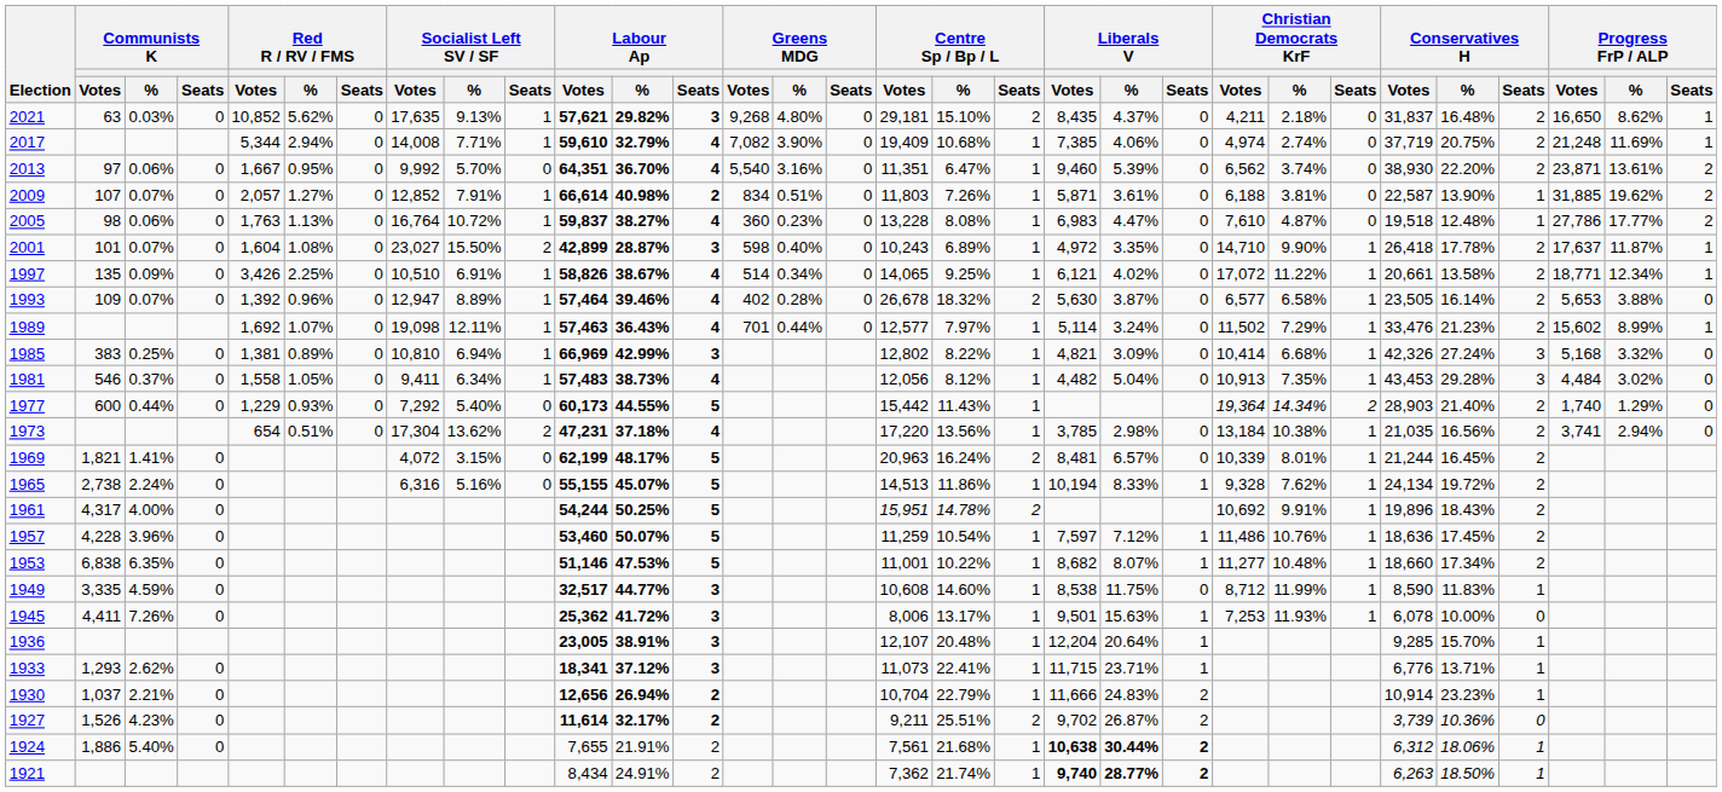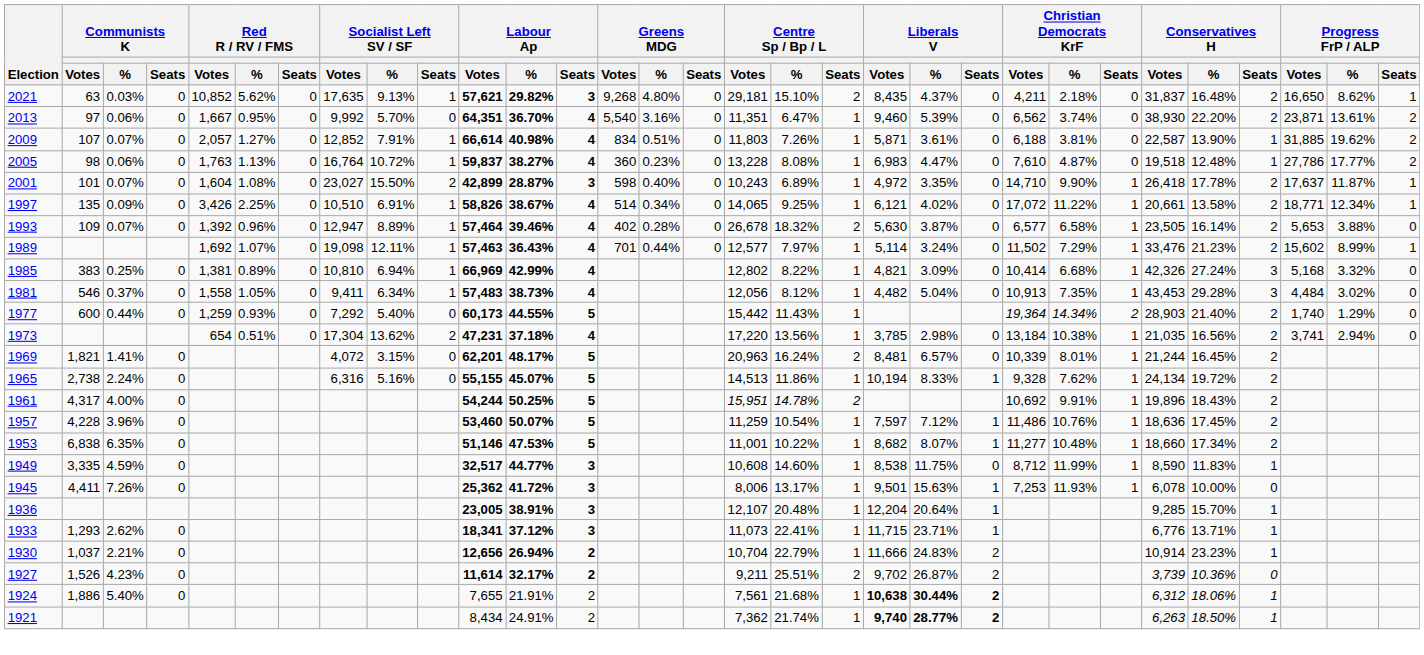 <table class="wikitable" border="1" style="font-size:80%; text-align:right;">
 <tr>
 <th style="text-align:left;" valign=bottom rowspan=3>Election</th>
 <th valign=bottom colspan=3><a href='#'>Communists</a><br>K</th>
 <th valign=bottom colspan=3><a href='#'>Red</a><br>R / RV / FMS</th>
 <th valign=bottom colspan=3><a href='#'>Socialist Left</a><br>SV / SF</th>
 <th valign=bottom colspan=3><a href='#'>Labour</a><br>Ap</th>
 <th valign=bottom colspan=3><a href='#'>Greens</a><br>MDG</th>
 <th valign=bottom colspan=3><a href='#'>Centre</a><br>Sp / Bp / L</th>
 <th valign=bottom colspan=3><a href='#'>Liberals</a><br>V</th>
 <th valign=bottom colspan=3><a href='#'>Christian<br>Democrats</a><br>KrF</th>
 <th valign=bottom colspan=3><a href='#'>Conservatives</a><br>H</th>
 <th valign=bottom colspan=3><a href='#'>Progress</a><br>FrP / ALP</th>
 </tr>
 <tr>
 <th colspan=3 style="background:"></th>
 <th colspan=3 style="background:"></th>
 <th colspan=3 style="background:"></th>
 <th colspan=3 style="background:"></th>
 <th colspan=3 style="background:"></th>
 <th colspan=3 style="background:"></th>
 <th colspan=3 style="background:"></th>
 <th colspan=3 style="background:"></th>
 <th colspan=3 style="background:"></th>
 <th colspan=3 style="background:"></th>
 </tr>
 <tr>
 <th>Votes</th>
 <th>%</th>
 <th>Seats</th>
 <th>Votes</th>
 <th>%</th>
 <th>Seats</th>
 <th>Votes</th>
 <th>%</th>
 <th>Seats</th>
 <th>Votes</th>
 <th>%</th>
 <th>Seats</th>
 <th>Votes</th>
 <th>%</th>
 <th>Seats</th>
 <th>Votes</th>
 <th>%</th>
 <th>Seats</th>
 <th>Votes</th>
 <th>%</th>
 <th>Seats</th>
 <th>Votes</th>
 <th>%</th>
 <th>Seats</th>
 <th>Votes</th>
 <th>%</th>
 <th>Seats</th>
 <th>Votes</th>
 <th>%</th>
 <th>Seats</th>
 </tr>
 <tr>
 <td align=left><a href='#'>2021</a></td>
 <td>63</td>
 <td>0.03%</td>
 <td>0</td>
 <td>10,852</td>
 <td>5.62%</td>
 <td>0</td>
 <td>17,635</td>
 <td>9.13%</td>
 <td>1</td>
 <td><strong>57,621</strong></td>
 <td><strong>29.82%</strong></td>
 <td><strong>3</strong></td>
 <td>9,268</td>
 <td>4.80%</td>
 <td>0</td>
 <td>29,181</td>
 <td>15.10%</td>
 <td>2</td>
 <td>8,435</td>
 <td>4.37%</td>
 <td>0</td>
 <td>4,211</td>
 <td>2.18%</td>
 <td>0</td>
 <td>31,837</td>
 <td>16.48%</td>
 <td>2</td>
 <td>16,650</td>
 <td>8.62%</td>
 <td>1</td>
 </tr>
 <tr>
-<td align=left><a href='#'>2017</a></td>
-<td></td>
-<td></td>
-<td></td>
-<td>5,344</td>
-<td>2.94%</td>
-<td>0</td>
-<td>14,008</td>
-<td>7.71%</td>
-<td>1</td>
-<td><strong>59,610</strong></td>
-<td><strong>32.79%</strong></td>
-<td><strong>4</strong></td>
-<td>7,082</td>
-<td>3.90%</td>
-<td>0</td>
-<td>19,409</td>
-<td>10.68%</td>
-<td>1</td>
-<td>7,385</td>
-<td>4.06%</td>
-<td>0</td>
-<td>4,974</td>
-<td>2.74%</td>
-<td>0</td>
-<td>37,719</td>
-<td>20.75%</td>
-<td>2</td>
-<td>21,248</td>
-<td>11.69%</td>
-<td>1</td>
-</tr>
-<tr>
 <td align=left><a href='#'>2013</a></td>
 <td>97</td>
 <td>0.06%</td>
 <td>0</td>
 <td>1,667</td>
 <td>0.95%</td>
 <td>0</td>
 <td>9,992</td>
 <td>5.70%</td>
 <td>0</td>
 <td><strong>64,351</strong></td>
 <td><strong>36.70%</strong></td>
 <td><strong>4</strong></td>
 <td>5,540</td>
 <td>3.16%</td>
 <td>0</td>
 <td>11,351</td>
 <td>6.47%</td>
 <td>1</td>
 <td>9,460</td>
 <td>5.39%</td>
 <td>0</td>
 <td>6,562</td>
 <td>3.74%</td>
 <td>0</td>
 <td>38,930</td>
 <td>22.20%</td>
 <td>2</td>
 <td>23,871</td>
 <td>13.61%</td>
 <td>2</td>
 </tr>
 <tr>
 <td align=left><a href='#'>2009</a></td>
 <td>107</td>
 <td>0.07%</td>
 <td>0</td>
 <td>2,057</td>
 <td>1.27%</td>
 <td>0</td>
 <td>12,852</td>
 <td>7.91%</td>
 <td>1</td>
 <td><strong>66,614</strong></td>
 <td><strong>40.98%</strong></td>
-<td><strong>2</strong></td>
+<td><strong>4</strong></td>
 <td>834</td>
 <td>0.51%</td>
 <td>0</td>
 <td>11,803</td>
 <td>7.26%</td>
 <td>1</td>
 <td>5,871</td>
 <td>3.61%</td>
 <td>0</td>
 <td>6,188</td>
 <td>3.81%</td>
 <td>0</td>
 <td>22,587</td>
 <td>13.90%</td>
 <td>1</td>
 <td>31,885</td>
 <td>19.62%</td>
 <td>2</td>
 </tr>
 <tr>
 <td align=left><a href='#'>2005</a></td>
 <td>98</td>
 <td>0.06%</td>
 <td>0</td>
 <td>1,763</td>
 <td>1.13%</td>
 <td>0</td>
 <td>16,764</td>
 <td>10.72%</td>
 <td>1</td>
 <td><strong>59,837</strong></td>
 <td><strong>38.27%</strong></td>
 <td><strong>4</strong></td>
 <td>360</td>
 <td>0.23%</td>
 <td>0</td>
 <td>13,228</td>
 <td>8.08%</td>
 <td>1</td>
 <td>6,983</td>
 <td>4.47%</td>
 <td>0</td>
 <td>7,610</td>
 <td>4.87%</td>
 <td>0</td>
 <td>19,518</td>
 <td>12.48%</td>
 <td>1</td>
 <td>27,786</td>
 <td>17.77%</td>
 <td>2</td>
 </tr>
 <tr>
 <td align=left><a href='#'>2001</a></td>
 <td>101</td>
 <td>0.07%</td>
 <td>0</td>
 <td>1,604</td>
 <td>1.08%</td>
 <td>0</td>
 <td>23,027</td>
 <td>15.50%</td>
 <td>2</td>
 <td><strong>42,899</strong></td>
 <td><strong>28.87%</strong></td>
 <td><strong>3</strong></td>
 <td>598</td>
 <td>0.40%</td>
 <td>0</td>
 <td>10,243</td>
 <td>6.89%</td>
 <td>1</td>
 <td>4,972</td>
 <td>3.35%</td>
 <td>0</td>
 <td>14,710</td>
 <td>9.90%</td>
 <td>1</td>
 <td>26,418</td>
 <td>17.78%</td>
 <td>2</td>
 <td>17,637</td>
 <td>11.87%</td>
 <td>1</td>
 </tr>
 <tr>
 <td align=left><a href='#'>1997</a></td>
 <td>135</td>
 <td>0.09%</td>
 <td>0</td>
 <td>3,426</td>
 <td>2.25%</td>
 <td>0</td>
 <td>10,510</td>
 <td>6.91%</td>
 <td>1</td>
 <td><strong>58,826</strong></td>
 <td><strong>38.67%</strong></td>
 <td><strong>4</strong></td>
 <td>514</td>
 <td>0.34%</td>
 <td>0</td>
 <td>14,065</td>
 <td>9.25%</td>
 <td>1</td>
 <td>6,121</td>
 <td>4.02%</td>
 <td>0</td>
 <td>17,072</td>
 <td>11.22%</td>
 <td>1</td>
 <td>20,661</td>
 <td>13.58%</td>
 <td>2</td>
 <td>18,771</td>
 <td>12.34%</td>
 <td>1</td>
 </tr>
 <tr>
 <td align=left><a href='#'>1993</a></td>
 <td>109</td>
 <td>0.07%</td>
 <td>0</td>
 <td>1,392</td>
 <td>0.96%</td>
 <td>0</td>
 <td>12,947</td>
 <td>8.89%</td>
 <td>1</td>
 <td><strong>57,464</strong></td>
 <td><strong>39.46%</strong></td>
 <td><strong>4</strong></td>
 <td>402</td>
 <td>0.28%</td>
 <td>0</td>
 <td>26,678</td>
 <td>18.32%</td>
 <td>2</td>
 <td>5,630</td>
 <td>3.87%</td>
 <td>0</td>
 <td>6,577</td>
 <td>6.58%</td>
 <td>1</td>
 <td>23,505</td>
 <td>16.14%</td>
 <td>2</td>
 <td>5,653</td>
 <td>3.88%</td>
 <td>0</td>
 </tr>
 <tr>
 <td align=left><a href='#'>1989</a></td>
 <td></td>
 <td></td>
 <td></td>
 <td>1,692</td>
 <td>1.07%</td>
 <td>0</td>
 <td>19,098</td>
 <td>12.11%</td>
 <td>1</td>
 <td><strong>57,463</strong></td>
 <td><strong>36.43%</strong></td>
 <td><strong>4</strong></td>
 <td>701</td>
 <td>0.44%</td>
 <td>0</td>
 <td>12,577</td>
 <td>7.97%</td>
 <td>1</td>
 <td>5,114</td>
 <td>3.24%</td>
 <td>0</td>
 <td>11,502</td>
 <td>7.29%</td>
 <td>1</td>
 <td>33,476</td>
 <td>21.23%</td>
 <td>2</td>
 <td>15,602</td>
 <td>8.99%</td>
 <td>1</td>
 </tr>
 <tr>
 <td align=left><a href='#'>1985</a></td>
 <td>383</td>
 <td>0.25%</td>
 <td>0</td>
 <td>1,381</td>
 <td>0.89%</td>
 <td>0</td>
 <td>10,810</td>
 <td>6.94%</td>
 <td>1</td>
 <td><strong>66,969</strong></td>
 <td><strong>42.99%</strong></td>
-<td><strong>3</strong></td>
+<td><strong>4</strong></td>
 <td></td>
 <td></td>
 <td></td>
 <td>12,802</td>
 <td>8.22%</td>
 <td>1</td>
 <td>4,821</td>
 <td>3.09%</td>
 <td>0</td>
 <td>10,414</td>
 <td>6.68%</td>
 <td>1</td>
 <td>42,326</td>
 <td>27.24%</td>
 <td>3</td>
 <td>5,168</td>
 <td>3.32%</td>
 <td>0</td>
 </tr>
 <tr>
 <td align=left><a href='#'>1981</a></td>
 <td>546</td>
 <td>0.37%</td>
 <td>0</td>
 <td>1,558</td>
 <td>1.05%</td>
 <td>0</td>
 <td>9,411</td>
 <td>6.34%</td>
 <td>1</td>
 <td><strong>57,483</strong></td>
 <td><strong>38.73%</strong></td>
 <td><strong>4</strong></td>
 <td></td>
 <td></td>
 <td></td>
 <td>12,056</td>
 <td>8.12%</td>
 <td>1</td>
 <td>4,482</td>
 <td>5.04%</td>
 <td>0</td>
 <td>10,913</td>
 <td>7.35%</td>
 <td>1</td>
 <td>43,453</td>
 <td>29.28%</td>
 <td>3</td>
 <td>4,484</td>
 <td>3.02%</td>
 <td>0</td>
 </tr>
 <tr>
 <td align=left><a href='#'>1977</a></td>
 <td>600</td>
 <td>0.44%</td>
 <td>0</td>
-<td>1,229</td>
+<td>1,259</td>
 <td>0.93%</td>
 <td>0</td>
 <td>7,292</td>
 <td>5.40%</td>
 <td>0</td>
 <td><strong>60,173</strong></td>
 <td><strong>44.55%</strong></td>
 <td><strong>5</strong></td>
 <td></td>
 <td></td>
 <td></td>
 <td>15,442</td>
 <td>11.43%</td>
 <td>1</td>
 <td></td>
 <td></td>
 <td></td>
 <td><em>19,364</em></td>
 <td><em>14.34%</em></td>
 <td><em>2</em></td>
 <td>28,903</td>
 <td>21.40%</td>
 <td>2</td>
 <td>1,740</td>
 <td>1.29%</td>
 <td>0</td>
 </tr>
 <tr>
 <td align=left><a href='#'>1973</a></td>
 <td></td>
 <td></td>
 <td></td>
 <td>654</td>
 <td>0.51%</td>
 <td>0</td>
 <td>17,304</td>
 <td>13.62%</td>
 <td>2</td>
 <td><strong>47,231</strong></td>
 <td><strong>37.18%</strong></td>
 <td><strong>4</strong></td>
 <td></td>
 <td></td>
 <td></td>
 <td>17,220</td>
 <td>13.56%</td>
 <td>1</td>
 <td>3,785</td>
 <td>2.98%</td>
 <td>0</td>
 <td>13,184</td>
 <td>10.38%</td>
 <td>1</td>
 <td>21,035</td>
 <td>16.56%</td>
 <td>2</td>
 <td>3,741</td>
 <td>2.94%</td>
 <td>0</td>
 </tr>
 <tr>
 <td align=left><a href='#'>1969</a></td>
 <td>1,821</td>
 <td>1.41%</td>
 <td>0</td>
 <td></td>
 <td></td>
 <td></td>
 <td>4,072</td>
 <td>3.15%</td>
 <td>0</td>
-<td><strong>62,199</strong></td>
+<td><strong>62,201</strong></td>
 <td><strong>48.17%</strong></td>
 <td><strong>5</strong></td>
 <td></td>
 <td></td>
 <td></td>
 <td>20,963</td>
 <td>16.24%</td>
 <td>2</td>
 <td>8,481</td>
 <td>6.57%</td>
 <td>0</td>
 <td>10,339</td>
 <td>8.01%</td>
 <td>1</td>
 <td>21,244</td>
 <td>16.45%</td>
 <td>2</td>
 <td></td>
 <td></td>
 <td></td>
 </tr>
 <tr>
 <td align=left><a href='#'>1965</a></td>
 <td>2,738</td>
 <td>2.24%</td>
 <td>0</td>
 <td></td>
 <td></td>
 <td></td>
 <td>6,316</td>
 <td>5.16%</td>
 <td>0</td>
 <td><strong>55,155</strong></td>
 <td><strong>45.07%</strong></td>
 <td><strong>5</strong></td>
 <td></td>
 <td></td>
 <td></td>
 <td>14,513</td>
 <td>11.86%</td>
 <td>1</td>
 <td>10,194</td>
 <td>8.33%</td>
 <td>1</td>
 <td>9,328</td>
 <td>7.62%</td>
 <td>1</td>
 <td>24,134</td>
 <td>19.72%</td>
 <td>2</td>
 <td></td>
 <td></td>
 <td></td>
 </tr>
 <tr>
 <td align=left><a href='#'>1961</a></td>
 <td>4,317</td>
 <td>4.00%</td>
 <td>0</td>
 <td></td>
 <td></td>
 <td></td>
 <td></td>
 <td></td>
 <td></td>
 <td><strong>54,244</strong></td>
 <td><strong>50.25%</strong></td>
 <td><strong>5</strong></td>
 <td></td>
 <td></td>
 <td></td>
 <td><em>15,951</em></td>
 <td><em>14.78%</em></td>
 <td><em>2</em></td>
 <td></td>
 <td></td>
 <td></td>
 <td>10,692</td>
 <td>9.91%</td>
 <td>1</td>
 <td>19,896</td>
 <td>18.43%</td>
 <td>2</td>
 <td></td>
 <td></td>
 <td></td>
 </tr>
 <tr>
 <td align=left><a href='#'>1957</a></td>
 <td>4,228</td>
 <td>3.96%</td>
 <td>0</td>
 <td></td>
 <td></td>
 <td></td>
 <td></td>
 <td></td>
 <td></td>
 <td><strong>53,460</strong></td>
 <td><strong>50.07%</strong></td>
 <td><strong>5</strong></td>
 <td></td>
 <td></td>
 <td></td>
 <td>11,259</td>
 <td>10.54%</td>
 <td>1</td>
 <td>7,597</td>
 <td>7.12%</td>
 <td>1</td>
 <td>11,486</td>
 <td>10.76%</td>
 <td>1</td>
 <td>18,636</td>
 <td>17.45%</td>
 <td>2</td>
 <td></td>
 <td></td>
 <td></td>
 </tr>
 <tr>
 <td align=left><a href='#'>1953</a></td>
 <td>6,838</td>
 <td>6.35%</td>
 <td>0</td>
 <td></td>
 <td></td>
 <td></td>
 <td></td>
 <td></td>
 <td></td>
 <td><strong>51,146</strong></td>
 <td><strong>47.53%</strong></td>
 <td><strong>5</strong></td>
 <td></td>
 <td></td>
 <td></td>
 <td>11,001</td>
 <td>10.22%</td>
 <td>1</td>
 <td>8,682</td>
 <td>8.07%</td>
 <td>1</td>
 <td>11,277</td>
 <td>10.48%</td>
 <td>1</td>
 <td>18,660</td>
 <td>17.34%</td>
 <td>2</td>
 <td></td>
 <td></td>
 <td></td>
 </tr>
 <tr>
 <td align=left><a href='#'>1949</a></td>
 <td>3,335</td>
 <td>4.59%</td>
 <td>0</td>
 <td></td>
 <td></td>
 <td></td>
 <td></td>
 <td></td>
 <td></td>
 <td><strong>32,517</strong></td>
 <td><strong>44.77%</strong></td>
 <td><strong>3</strong></td>
 <td></td>
 <td></td>
 <td></td>
 <td>10,608</td>
 <td>14.60%</td>
 <td>1</td>
 <td>8,538</td>
 <td>11.75%</td>
 <td>0</td>
 <td>8,712</td>
 <td>11.99%</td>
 <td>1</td>
 <td>8,590</td>
 <td>11.83%</td>
 <td>1</td>
 <td></td>
 <td></td>
 <td></td>
 </tr>
 <tr>
 <td align=left><a href='#'>1945</a></td>
 <td>4,411</td>
 <td>7.26%</td>
 <td>0</td>
 <td></td>
 <td></td>
 <td></td>
 <td></td>
 <td></td>
 <td></td>
 <td><strong>25,362</strong></td>
 <td><strong>41.72%</strong></td>
 <td><strong>3</strong></td>
 <td></td>
 <td></td>
 <td></td>
 <td>8,006</td>
 <td>13.17%</td>
 <td>1</td>
 <td>9,501</td>
 <td>15.63%</td>
 <td>1</td>
 <td>7,253</td>
 <td>11.93%</td>
 <td>1</td>
 <td>6,078</td>
 <td>10.00%</td>
 <td>0</td>
 <td></td>
 <td></td>
 <td></td>
 </tr>
 <tr>
 <td align=left><a href='#'>1936</a></td>
 <td></td>
 <td></td>
 <td></td>
 <td></td>
 <td></td>
 <td></td>
 <td></td>
 <td></td>
 <td></td>
 <td><strong>23,005</strong></td>
 <td><strong>38.91%</strong></td>
 <td><strong>3</strong></td>
 <td></td>
 <td></td>
 <td></td>
 <td>12,107</td>
 <td>20.48%</td>
 <td>1</td>
 <td>12,204</td>
 <td>20.64%</td>
 <td>1</td>
 <td></td>
 <td></td>
 <td></td>
 <td>9,285</td>
 <td>15.70%</td>
 <td>1</td>
 <td></td>
 <td></td>
 <td></td>
 </tr>
 <tr>
 <td align=left><a href='#'>1933</a></td>
 <td>1,293</td>
 <td>2.62%</td>
 <td>0</td>
 <td></td>
 <td></td>
 <td></td>
 <td></td>
 <td></td>
 <td></td>
 <td><strong>18,341</strong></td>
 <td><strong>37.12%</strong></td>
 <td><strong>3</strong></td>
 <td></td>
 <td></td>
 <td></td>
 <td>11,073</td>
 <td>22.41%</td>
 <td>1</td>
 <td>11,715</td>
 <td>23.71%</td>
 <td>1</td>
 <td></td>
 <td></td>
 <td></td>
 <td>6,776</td>
 <td>13.71%</td>
 <td>1</td>
 <td></td>
 <td></td>
 <td></td>
 </tr>
 <tr>
 <td align=left><a href='#'>1930</a></td>
 <td>1,037</td>
 <td>2.21%</td>
 <td>0</td>
 <td></td>
 <td></td>
 <td></td>
 <td></td>
 <td></td>
 <td></td>
 <td><strong>12,656</strong></td>
 <td><strong>26.94%</strong></td>
 <td><strong>2</strong></td>
 <td></td>
 <td></td>
 <td></td>
 <td>10,704</td>
 <td>22.79%</td>
 <td>1</td>
 <td>11,666</td>
 <td>24.83%</td>
 <td>2</td>
 <td></td>
 <td></td>
 <td></td>
 <td>10,914</td>
 <td>23.23%</td>
 <td>1</td>
 <td></td>
 <td></td>
 <td></td>
 </tr>
 <tr>
 <td align=left><a href='#'>1927</a></td>
 <td>1,526</td>
 <td>4.23%</td>
 <td>0</td>
 <td></td>
 <td></td>
 <td></td>
 <td></td>
 <td></td>
 <td></td>
 <td><strong>11,614</strong></td>
 <td><strong>32.17%</strong></td>
 <td><strong>2</strong></td>
 <td></td>
 <td></td>
 <td></td>
 <td>9,211</td>
 <td>25.51%</td>
 <td>2</td>
 <td>9,702</td>
 <td>26.87%</td>
 <td>2</td>
 <td></td>
 <td></td>
 <td></td>
 <td><em>3,739</em></td>
 <td><em>10.36%</em></td>
 <td><em>0</em></td>
 <td></td>
 <td></td>
 <td></td>
 </tr>
 <tr>
 <td align=left><a href='#'>1924</a></td>
 <td>1,886</td>
 <td>5.40%</td>
 <td>0</td>
 <td></td>
 <td></td>
 <td></td>
 <td></td>
 <td></td>
 <td></td>
 <td>7,655</td>
 <td>21.91%</td>
 <td>2</td>
 <td></td>
 <td></td>
 <td></td>
 <td>7,561</td>
 <td>21.68%</td>
 <td>1</td>
 <td><strong>10,638</strong></td>
 <td><strong>30.44%</strong></td>
 <td><strong>2</strong></td>
 <td></td>
 <td></td>
 <td></td>
 <td><em>6,312</em></td>
 <td><em>18.06%</em></td>
 <td><em>1</em></td>
 <td></td>
 <td></td>
 <td></td>
 </tr>
 <tr>
 <td align=left><a href='#'>1921</a></td>
 <td></td>
 <td></td>
 <td></td>
 <td></td>
 <td></td>
 <td></td>
 <td></td>
 <td></td>
 <td></td>
 <td>8,434</td>
 <td>24.91%</td>
 <td>2</td>
 <td></td>
 <td></td>
 <td></td>
 <td>7,362</td>
 <td>21.74%</td>
 <td>1</td>
 <td><strong>9,740</strong></td>
 <td><strong>28.77%</strong></td>
 <td><strong>2</strong></td>
 <td></td>
 <td></td>
 <td></td>
 <td><em>6,263</em></td>
 <td><em>18.50%</em></td>
 <td><em>1</em></td>
 <td></td>
 <td></td>
 <td></td>
 </tr>
 </table>
